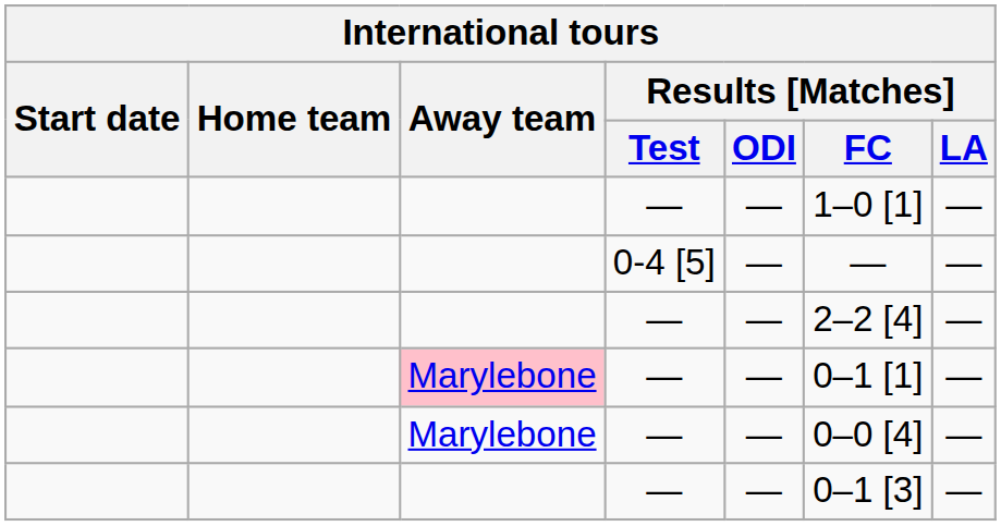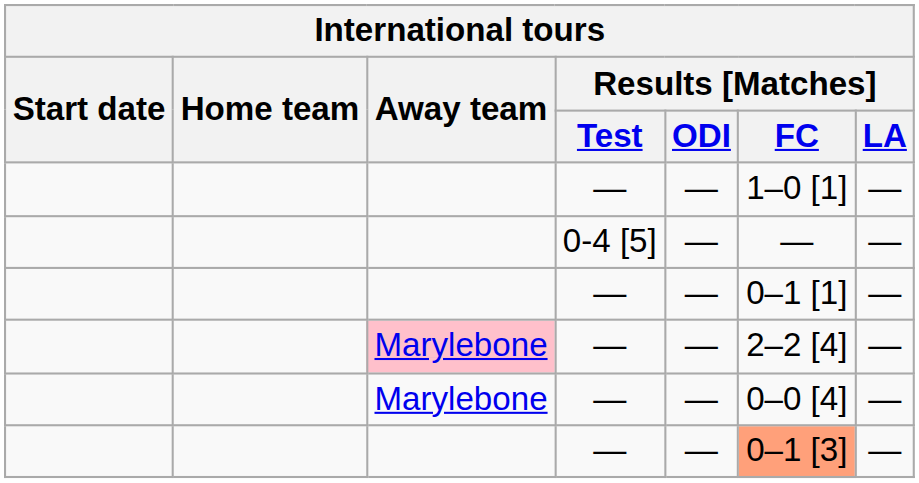 <table class="wikitable">
 <tr>
 <th colspan="7">International tours</th>
 </tr>
 <tr>
 <th rowspan="2">Start date</th>
 <th rowspan="2">Home team</th>
 <th rowspan="2">Away team</th>
 <th colspan="4">Results [Matches]</th>
 </tr>
 <tr>
 <th><a href='#'>Test</a></th>
 <th><a href='#'>ODI</a></th>
 <th><a href='#'>FC</a></th>
 <th><a href='#'>LA</a></th>
 </tr>
 <tr>
 <td><a href='#'></a></td>
 <td></td>
 <td></td>
 <td ; style="text-align:center">—</td>
 <td ; style="text-align:center">—</td>
 <td>1–0 [1]</td>
 <td ; style="text-align:center">—</td>
 </tr>
 <tr>
 <td><a href='#'></a></td>
 <td></td>
 <td></td>
 <td>0-4 [5]</td>
 <td ; style="text-align:center">—</td>
 <td ; style="text-align:center">—</td>
 <td ; style="text-align:center">—</td>
 </tr>
 <tr>
 <td><a href='#'></a></td>
 <td></td>
 <td></td>
 <td ; style="text-align:center">—</td>
 <td ; style="text-align:center">—</td>
-<td>2–2 [4]</td>
+<td>0–1 [1]</td>
 <td ; style="text-align:center">—</td>
 </tr>
 <tr>
 <td><a href='#'></a></td>
 <td></td>
 <td style="background: pink;"><a href='#'>Marylebone</a></td>
 <td ; style="text-align:center">—</td>
 <td ; style="text-align:center">—</td>
-<td>0–1 [1]</td>
+<td>2–2 [4]</td>
 <td ; style="text-align:center">—</td>
 </tr>
 <tr>
 <td><a href='#'></a></td>
 <td></td>
 <td><a href='#'>Marylebone</a></td>
 <td ; style="text-align:center">—</td>
 <td ; style="text-align:center">—</td>
 <td>0–0 [4]</td>
 <td ; style="text-align:center">—</td>
 </tr>
 <tr>
 <td><a href='#'></a></td>
 <td></td>
 <td></td>
 <td ; style="text-align:center">—</td>
 <td ; style="text-align:center">—</td>
-<td>0–1 [3]</td>
+<td style="background: lightsalmon;">0–1 [3]</td>
 <td ; style="text-align:center">—</td>
 </tr>
 </table>
